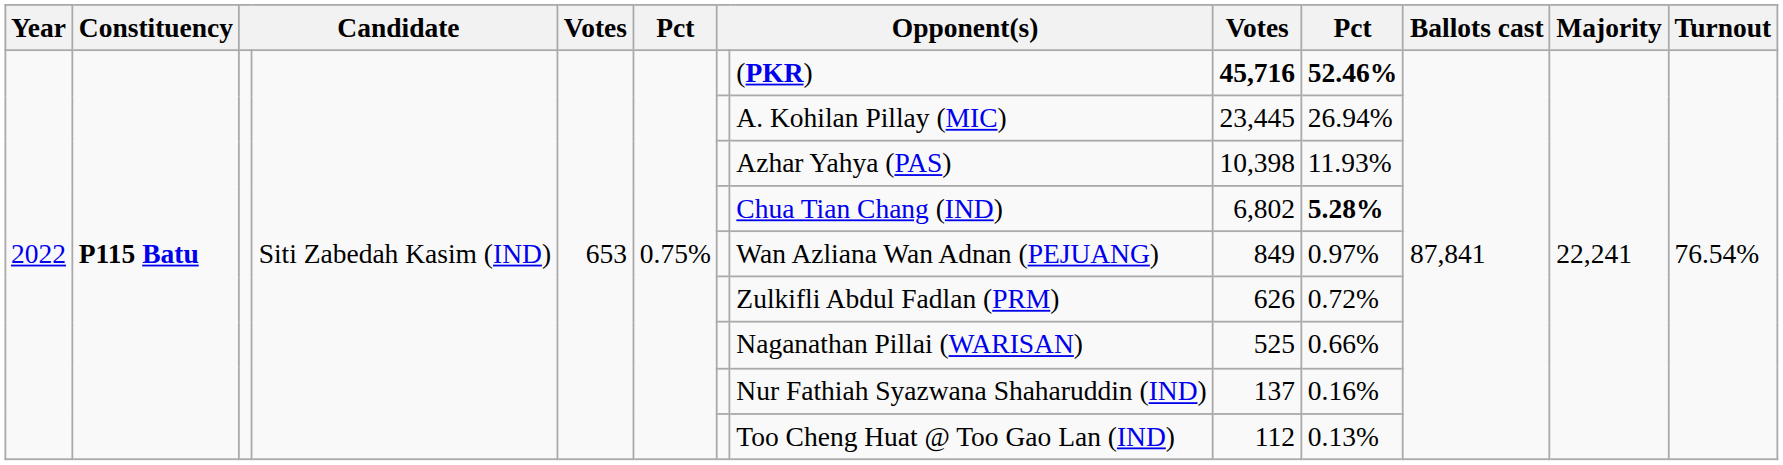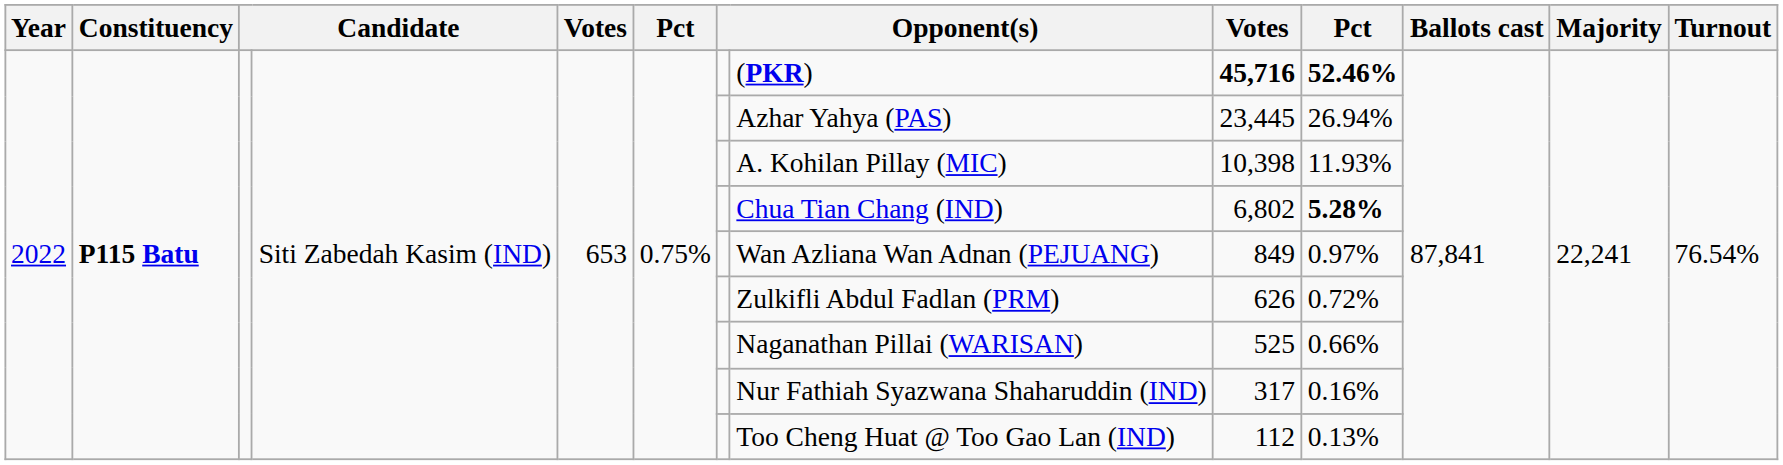 <table class="wikitable" style="margin:0.5em ; font-size:95%">
 <tr>
 <th>Year</th>
 <th>Constituency</th>
 <th colspan="2">Candidate</th>
 <th>Votes</th>
 <th>Pct</th>
 <th colspan="2">Opponent(s)</th>
 <th>Votes</th>
 <th>Pct</th>
 <th>Ballots cast</th>
 <th>Majority</th>
 <th>Turnout</th>
 </tr>
 <tr>
 <td rowspan="9"><a href='#'>2022</a></td>
 <td rowspan="9"><strong>P115 <a href='#'>Batu</a></strong></td>
 <td rowspan="9" ></td>
 <td rowspan="9">Siti Zabedah Kasim (<a href='#'>IND</a>)</td>
 <td rowspan="9" align="right">653</td>
 <td rowspan="9" align=right>0.75%</td>
 <td></td>
 <td> (<a href='#'><strong>PKR</strong></a>)</td>
 <td align="right"><strong>45,716</strong></td>
 <td><strong>52.46%</strong></td>
 <td rowspan="9">87,841</td>
 <td rowspan="9">22,241</td>
 <td rowspan="9">76.54%</td>
 </tr>
 <tr>
 <td bgcolor=></td>
-<td>A. Kohilan Pillay (<a href='#'>MIC</a>)</td>
+<td>Azhar Yahya (<a href='#'>PAS</a>)</td>
 <td align="right">23,445</td>
 <td>26.94%</td>
 </tr>
 <tr>
 <td></td>
-<td>Azhar Yahya (<a href='#'>PAS</a>)</td>
+<td>A. Kohilan Pillay (<a href='#'>MIC</a>)</td>
 <td align="right">10,398</td>
 <td>11.93%</td>
 </tr>
 <tr>
 <td></td>
 <td><a href='#'>Chua Tian Chang</a> (<a href='#'>IND</a>)</td>
 <td align="right">6,802</td>
 <td><strong>5.28%</strong></td>
 </tr>
 <tr>
 <td></td>
 <td>Wan Azliana Wan Adnan (<a href='#'>PEJUANG</a>)</td>
 <td align="right">849</td>
 <td>0.97%</td>
 </tr>
 <tr>
 <td></td>
 <td>Zulkifli Abdul Fadlan (<a href='#'>PRM</a>)</td>
 <td align="right">626</td>
 <td>0.72%</td>
 </tr>
 <tr>
 <td></td>
 <td>Naganathan Pillai (<a href='#'>WARISAN</a>)</td>
 <td align="right">525</td>
 <td>0.66%</td>
 </tr>
 <tr>
 <td bgcolor=></td>
 <td>Nur Fathiah Syazwana Shaharuddin (<a href='#'>IND</a>)</td>
-<td align="right">137</td>
+<td align="right">317</td>
 <td>0.16%</td>
 </tr>
 <tr>
 <td></td>
 <td>Too Cheng Huat @ Too Gao Lan (<a href='#'>IND</a>)</td>
 <td align="right">112</td>
 <td>0.13%</td>
 </tr>
 </table>
